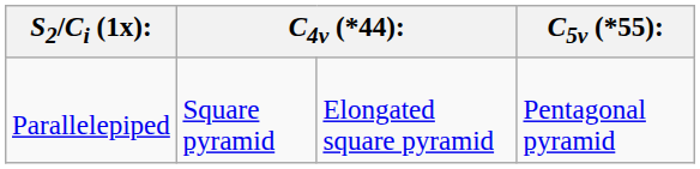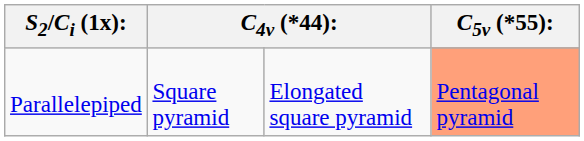 <table class=wikitable width=400>
 <tr>
 <th><em>S<sub>2</sub></em>/<em>C<sub>i</sub></em> (1x):</th>
 <th colspan=2><em>C<sub>4v</sub></em> (*44):</th>
 <th><em>C<sub>5v</sub></em> (*55):</th>
 </tr>
 <tr>
 <td><br><a href='#'>Parallelepiped</a></td>
 <td><br><a href='#'>Square pyramid</a></td>
 <td><br><a href='#'>Elongated square pyramid</a></td>
-<td><br><a href='#'>Pentagonal pyramid</a></td>
+<td style="background: lightsalmon;"><br><a href='#'>Pentagonal pyramid</a></td>
 </tr>
 </table>
